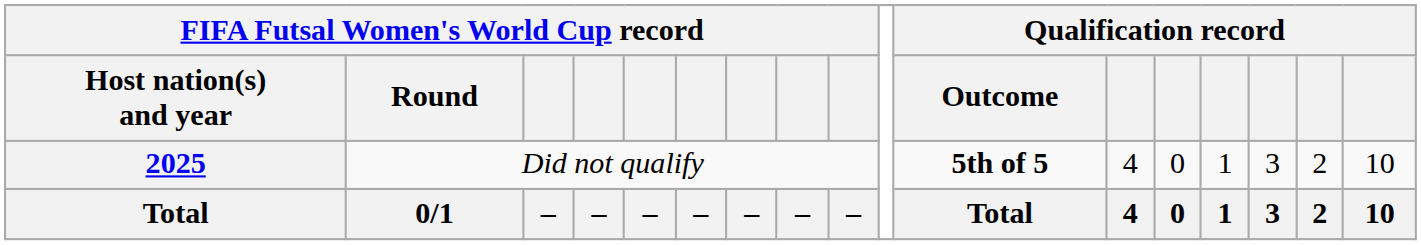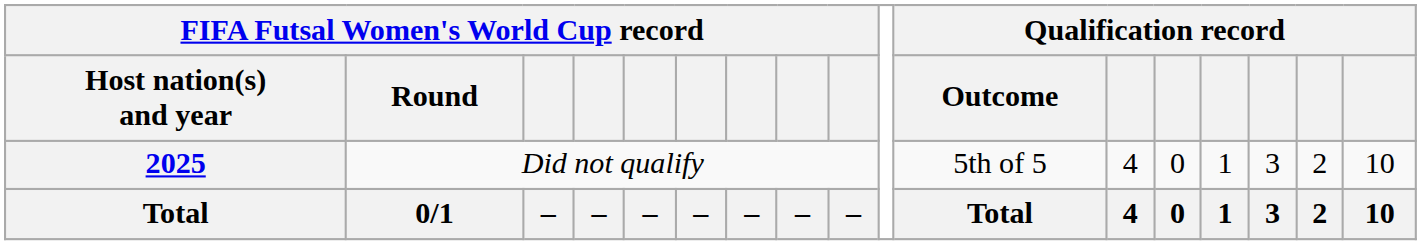 <table class="wikitable" style="font-size:90%; text-align:center;">
 <tr>
 <th colspan="9"><a href='#'>FIFA Futsal Women's World Cup</a> record</th>
 <th rowspan="4" style="width:1%;background:white"></th>
 <th colspan=7>Qualification record</th>
 </tr>
 <tr>
 <th scope="col">Host nation(s)<br>and year</th>
 <th scope="col">Round</th>
 <th scope="col"></th>
 <th scope="col"></th>
 <th scope="col"></th>
 <th scope="col"></th>
 <th scope="col"></th>
 <th scope="col"></th>
 <th scope="col"></th>
 <th scope="col">Outcome</th>
 <th scope="col"></th>
 <th scope="col"></th>
 <th scope="col"></th>
 <th scope="col"></th>
 <th scope="col"></th>
 <th scope="col"></th>
 </tr>
 <tr>
 <th scope="row"> <a href='#'>2025</a></th>
 <td colspan="8"><em>Did not qualify</em></td>
-<td><strong>5th of 5</strong></td>
+<td>5th of 5</td>
 <td>4</td>
 <td>0</td>
 <td>1</td>
 <td>3</td>
 <td>2</td>
 <td>10</td>
 </tr>
 <tr>
 <th>Total</th>
 <th>0/1</th>
 <th>–</th>
 <th>–</th>
 <th>–</th>
 <th>–</th>
 <th>–</th>
 <th>–</th>
 <th>–</th>
 <th>Total</th>
 <th>4</th>
 <th>0</th>
 <th>1</th>
 <th>3</th>
 <th>2</th>
 <th>10</th>
 </tr>
 </table>
